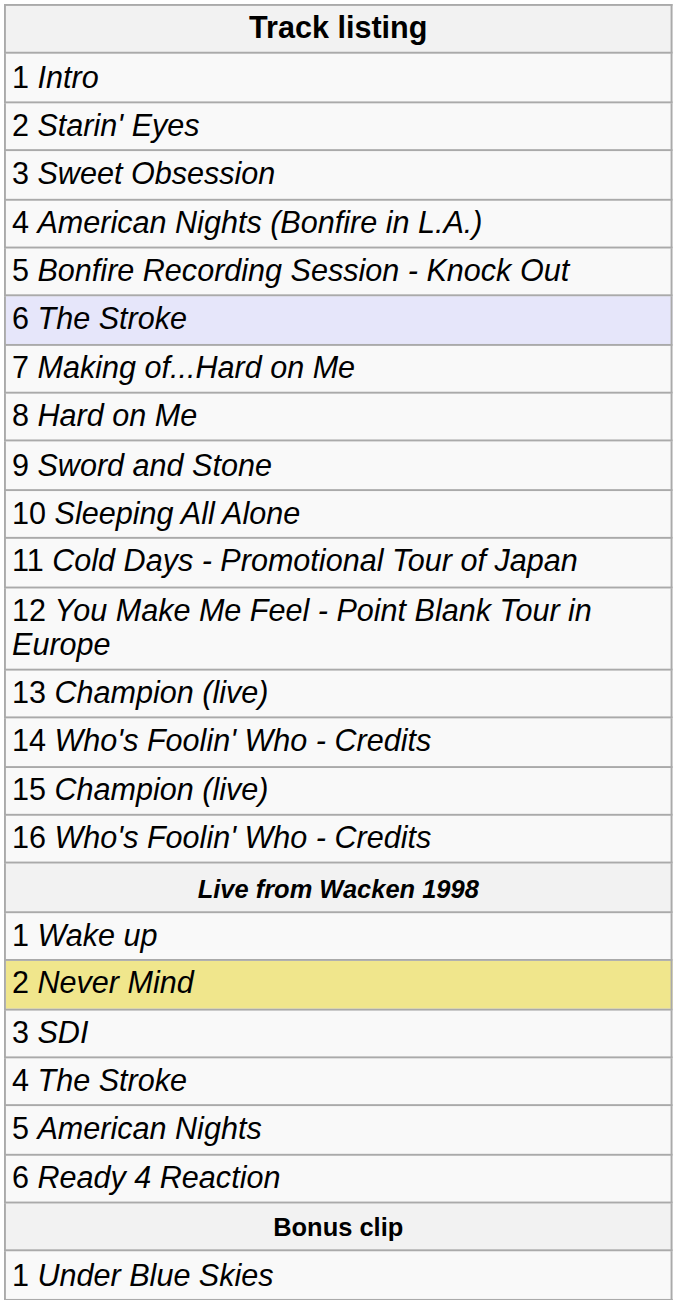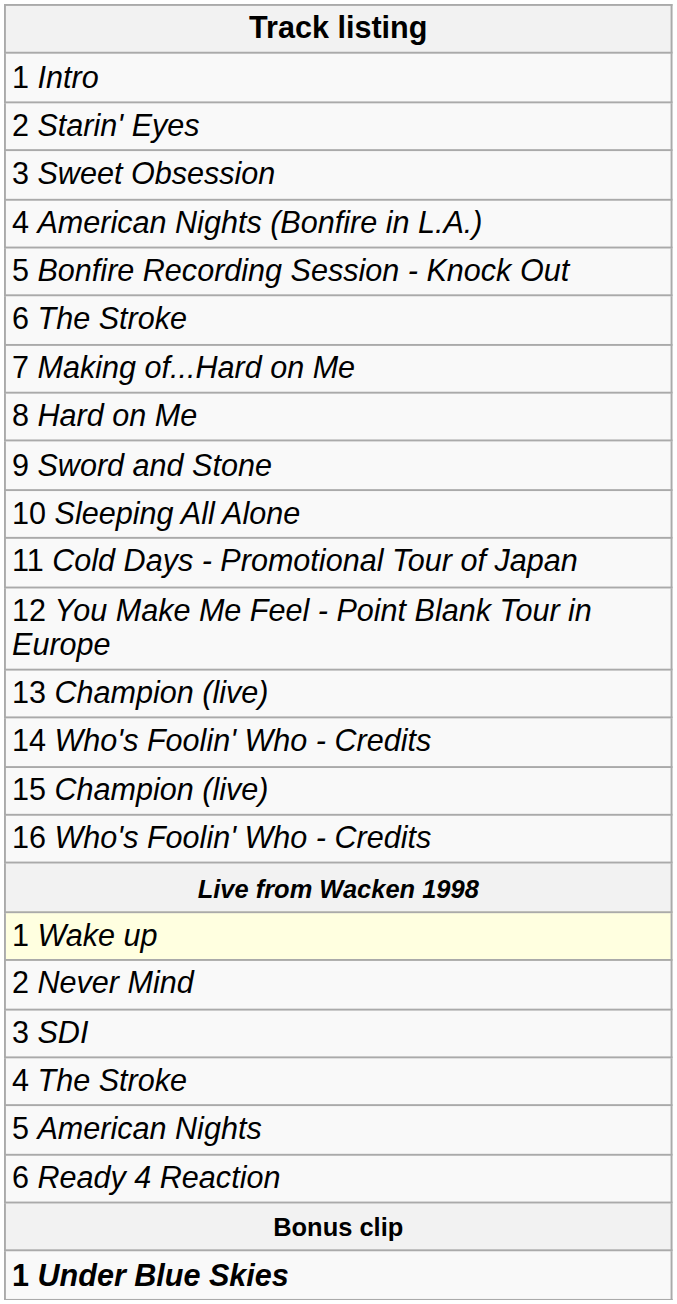 <table class="wikitable collapsible" style="width:350px;">
 <tr>
 <th>Track listing</th>
 </tr>
 <tr>
 <td>1 <em>Intro</em></td>
 </tr>
 <tr>
 <td>2 <em>Starin' Eyes</em></td>
 </tr>
 <tr>
 <td>3 <em>Sweet Obsession</em></td>
 </tr>
 <tr>
 <td>4 <em>American Nights (Bonfire in L.A.)</em></td>
 </tr>
 <tr>
 <td>5 <em>Bonfire Recording Session - Knock Out</em></td>
 </tr>
 <tr>
-<td style="background: lavender;">6 <em>The Stroke</em></td>
+<td>6 <em>The Stroke</em></td>
 </tr>
 <tr>
 <td>7 <em>Making of...Hard on Me</em></td>
 </tr>
 <tr>
 <td>8 <em>Hard on Me</em></td>
 </tr>
 <tr>
 <td>9 <em>Sword and Stone</em></td>
 </tr>
 <tr>
 <td>10 <em>Sleeping All Alone</em></td>
 </tr>
 <tr>
 <td>11 <em>Cold Days - Promotional Tour of Japan</em></td>
 </tr>
 <tr>
 <td>12 <em>You Make Me Feel - Point Blank Tour in Europe</em></td>
 </tr>
 <tr>
 <td>13 <em>Champion (live)</em></td>
 </tr>
 <tr>
 <td>14 <em>Who's Foolin' Who - Credits</em></td>
 </tr>
 <tr>
 <td>15 <em>Champion (live)</em></td>
 </tr>
 <tr>
 <td>16 <em>Who's Foolin' Who - Credits</em></td>
 </tr>
 <tr>
 <th><small><em>Live from Wacken 1998</em></small></th>
 </tr>
 <tr>
-<td>1 <em>Wake up</em></td>
+<td style="background: lightyellow;">1 <em>Wake up</em></td>
 </tr>
 <tr>
-<td style="background: khaki;">2 <em>Never Mind</em></td>
+<td>2 <em>Never Mind</em></td>
 </tr>
 <tr>
 <td>3 <em>SDI</em></td>
 </tr>
 <tr>
 <td>4 <em>The Stroke</em></td>
 </tr>
 <tr>
 <td>5 <em>American Nights</em></td>
 </tr>
 <tr>
 <td>6 <em>Ready 4 Reaction</em></td>
 </tr>
 <tr>
 <th><small>Bonus clip</small></th>
 </tr>
 <tr>
-<td>1 <em>Under Blue Skies</em></td>
+<td><strong>1 <em>Under Blue Skies</em></strong></td>
 </tr>
 <tr>
 </tr>
 </table>
